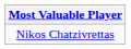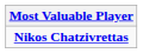 <table class=wikitable style="text-align:center; margin:auto">
 <tr>
 <th><a href='#'>Most Valuable Player</a></th>
 </tr>
 <tr>
-<td> <a href='#'>Nikos Chatzivrettas</a></td>
+<td><strong> <a href='#'>Nikos Chatzivrettas</a></strong></td>
 </tr>
 </table>
